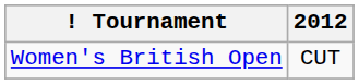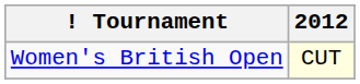 <table class="wikitable" style="font-size:95%;text-align:center;">
 <tr>
 <th>! Tournament</th>
 <th>2012</th>
 </tr>
 <tr>
 <td align=left><a href='#'>Women's British Open</a></td>
-<td>CUT</td>
+<td style="background: lightyellow;">CUT</td>
 </tr>
 </table>
